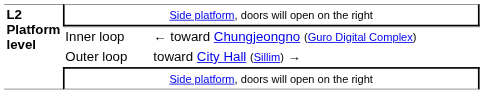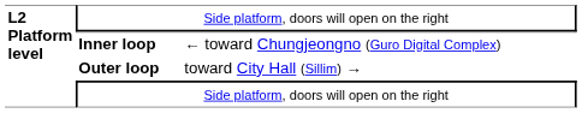 <table table border=0 cellspacing=0 cellpadding=3>
 <tr>
 <td style="border-top:solid 1px gray;border-bottom:solid 1px gray;" width=50 rowspan=10 valign=top><strong>L2<br>Platform level</strong></td>
 <td style="border-top:solid 1px gray;border-right:solid 2px black;border-left:solid 2px black;border-bottom:solid 2px black;text-align:center;" colspan=2><small><a href='#'>Side platform</a>, doors will open on the right </small></td>
 </tr>
 <tr>
-<td style="border-bottom:solid 0px gray;border-top:solid 1px gray;" width=100>Inner loop</td>
+<td style="border-bottom:solid 0px gray;border-top:solid 1px gray;" width=100><strong>Inner loop</strong></td>
 <td style="border-bottom:solid 0px gray;border-top:solid 1px gray;" width=390>←  toward <a href='#'>Chungjeongno</a> <small>(<a href='#'>Guro Digital Complex</a>)</small></td>
 </tr>
 <tr>
-<td>Outer loop</td>
+<td><strong>Outer loop</strong></td>
 <td>  toward <a href='#'>City Hall</a> <small>(<a href='#'>Sillim</a>)</small> →</td>
 </tr>
 <tr>
 <td style="border-top:solid 2px black;border-right:solid 2px black;border-left:solid 2px black;border-bottom:solid 1px gray;text-align:center;" colspan=2><small><a href='#'>Side platform</a>, doors will open on the right </small></td>
 </tr>
 </table>
